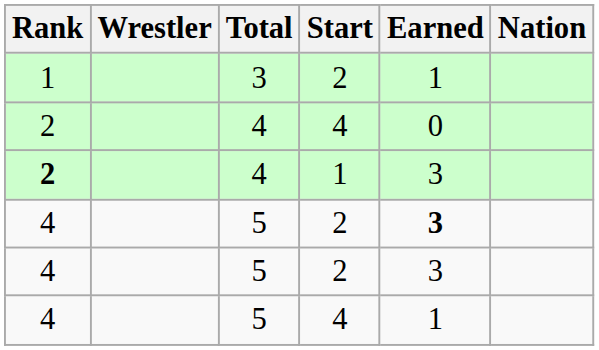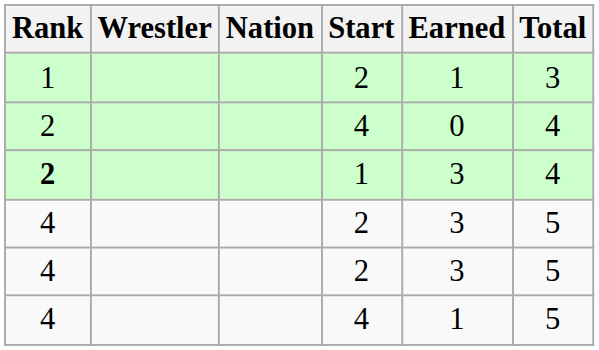 <table class="wikitable sortable" style="text-align:center;">
 <tr>
 <th>Rank</th>
 <th>Wrestler</th>
-<th>Total</th>
+<th>Nation</th>
 <th>Start</th>
 <th>Earned</th>
-<th>Nation</th>
+<th>Total</th>
 </tr>
 <tr style="background:#cfc;">
 <td>1</td>
 <td align=left></td>
-<td>3</td>
+<td align=left></td>
 <td>2</td>
 <td>1</td>
-<td align=left></td>
+<td>3</td>
 </tr>
 <tr style="background:#cfc;">
 <td>2</td>
 <td align=left></td>
-<td>4</td>
+<td align=left></td>
 <td>4</td>
 <td>0</td>
-<td align=left></td>
+<td>4</td>
 </tr>
 <tr style="background:#cfc;">
 <td><strong>2</strong></td>
 <td align=left></td>
-<td>4</td>
+<td align=left></td>
 <td>1</td>
 <td>3</td>
-<td align=left></td>
+<td>4</td>
 </tr>
 <tr>
 <td>4</td>
 <td align=left></td>
+<td align=left></td>
+<td>2</td>
+<td>3</td>
 <td>5</td>
-<td>2</td>
-<td><strong>3</strong></td>
-<td align=left></td>
 </tr>
 <tr>
 <td>4</td>
 <td align=left></td>
-<td>5</td>
+<td align=left></td>
 <td>2</td>
 <td>3</td>
-<td align=left></td>
+<td>5</td>
 </tr>
 <tr>
 <td>4</td>
 <td align=left></td>
-<td>5</td>
+<td align=left></td>
 <td>4</td>
 <td>1</td>
-<td align=left></td>
+<td>5</td>
 </tr>
 </table>
